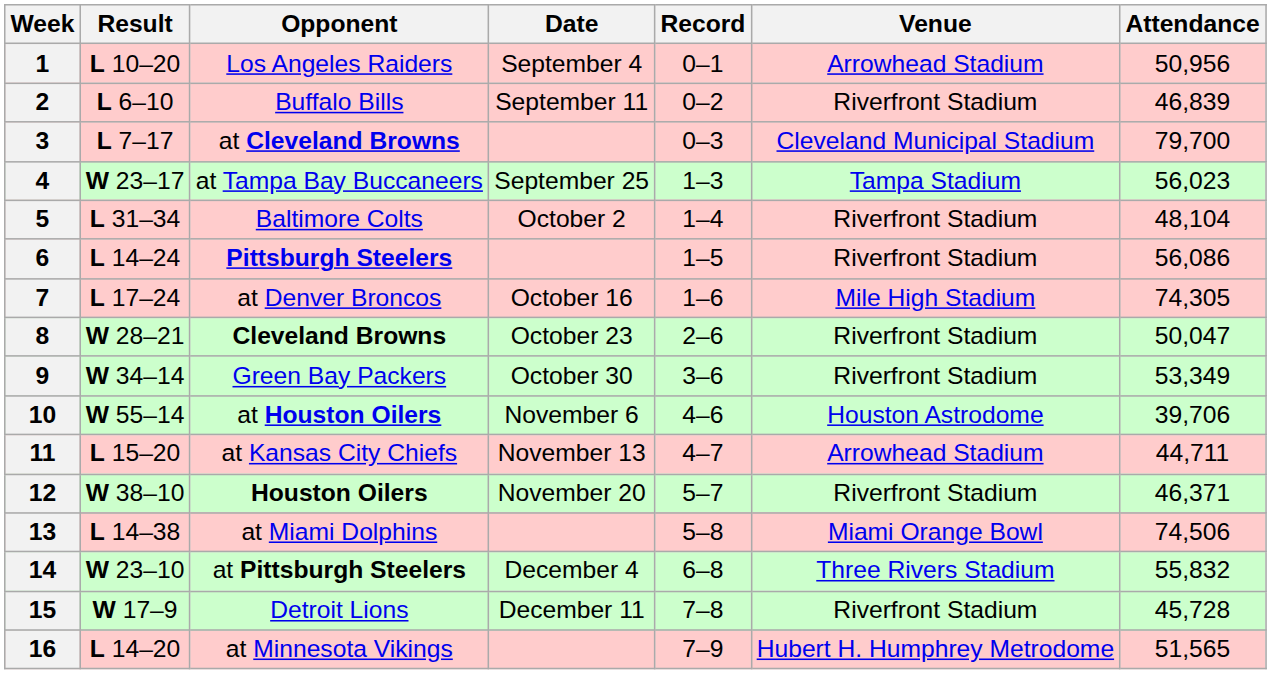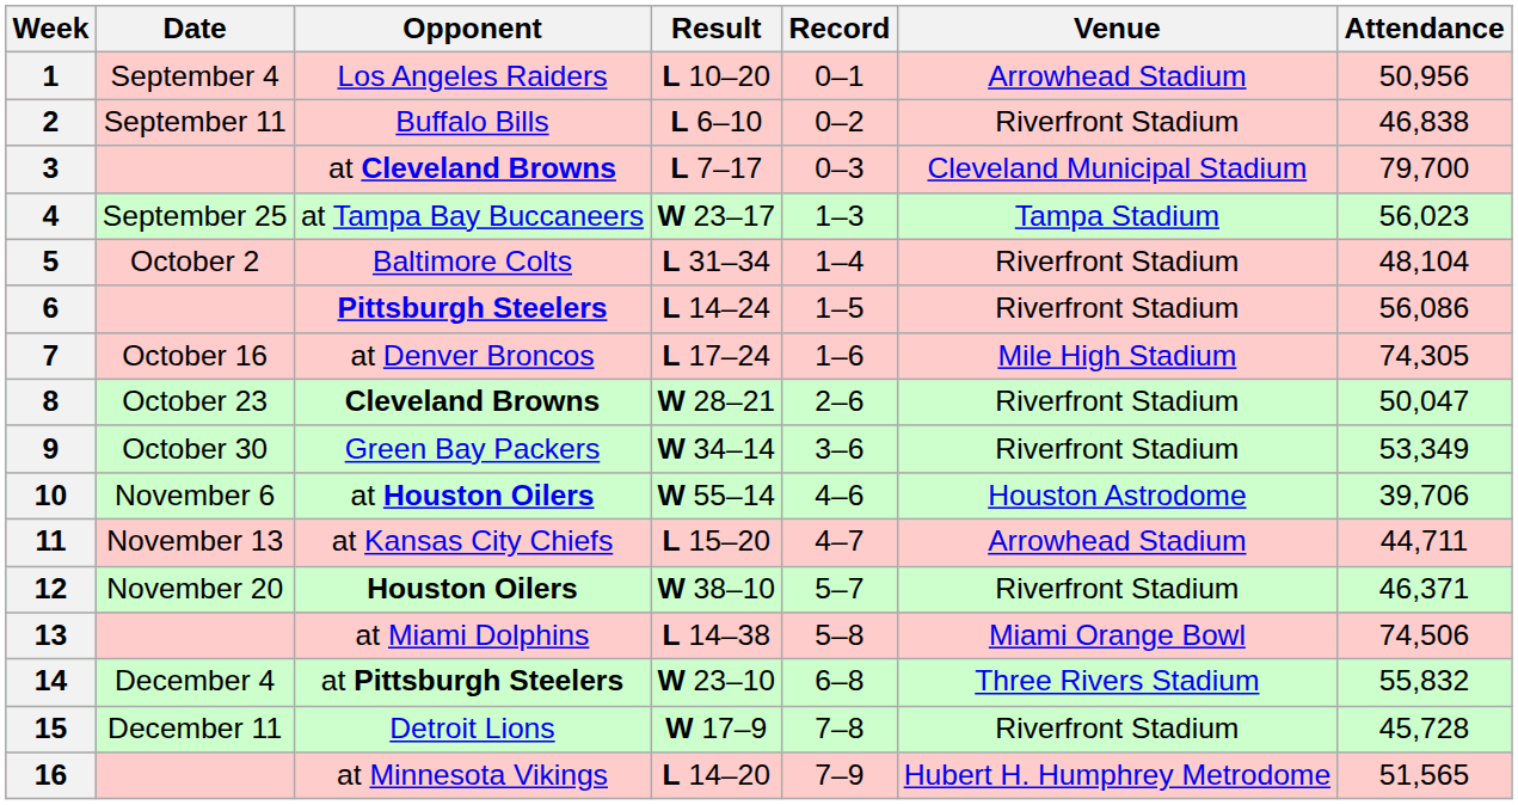 <table class="wikitable" style="text-align:center">
 <tr>
 <th>Week</th>
+<th>Date</th>
+<th>Opponent</th>
 <th>Result</th>
-<th>Opponent</th>
-<th>Date</th>
 <th>Record</th>
 <th>Venue</th>
 <th>Attendance</th>
 </tr>
 <tr style="background:#fcc">
 <th>1</th>
+<td>September 4</td>
+<td><a href='#'>Los Angeles Raiders</a></td>
 <td><strong>L</strong> 10–20</td>
-<td><a href='#'>Los Angeles Raiders</a></td>
-<td>September 4</td>
 <td>0–1</td>
 <td><a href='#'>Arrowhead Stadium</a></td>
 <td>50,956</td>
 </tr>
 <tr style="background:#fcc">
 <th>2</th>
+<td>September 11</td>
+<td><a href='#'>Buffalo Bills</a></td>
 <td><strong>L</strong> 6–10</td>
-<td><a href='#'>Buffalo Bills</a></td>
-<td>September 11</td>
 <td>0–2</td>
 <td>Riverfront Stadium</td>
-<td>46,839</td>
+<td>46,838</td>
 </tr>
 <tr style="background:#fcc">
 <th>3</th>
+<td></td>
+<td>at <strong><a href='#'>Cleveland Browns</a></strong></td>
 <td><strong>L</strong> 7–17</td>
-<td>at <strong><a href='#'>Cleveland Browns</a></strong></td>
-<td></td>
 <td>0–3</td>
 <td><a href='#'>Cleveland Municipal Stadium</a></td>
 <td>79,700</td>
 </tr>
 <tr style="background:#cfc">
 <th>4</th>
+<td>September 25</td>
+<td>at <a href='#'>Tampa Bay Buccaneers</a></td>
 <td><strong>W</strong> 23–17</td>
-<td>at <a href='#'>Tampa Bay Buccaneers</a></td>
-<td>September 25</td>
 <td>1–3</td>
 <td><a href='#'>Tampa Stadium</a></td>
 <td>56,023</td>
 </tr>
 <tr style="background:#fcc">
 <th>5</th>
+<td>October 2</td>
+<td><a href='#'>Baltimore Colts</a></td>
 <td><strong>L</strong> 31–34</td>
-<td><a href='#'>Baltimore Colts</a></td>
-<td>October 2</td>
 <td>1–4</td>
 <td>Riverfront Stadium</td>
 <td>48,104</td>
 </tr>
 <tr style="background:#fcc">
 <th>6</th>
+<td></td>
+<td><strong><a href='#'>Pittsburgh Steelers</a></strong></td>
 <td><strong>L</strong> 14–24</td>
-<td><strong><a href='#'>Pittsburgh Steelers</a></strong></td>
-<td></td>
 <td>1–5</td>
 <td>Riverfront Stadium</td>
 <td>56,086</td>
 </tr>
 <tr style="background:#fcc">
 <th>7</th>
+<td>October 16</td>
+<td>at <a href='#'>Denver Broncos</a></td>
 <td><strong>L</strong> 17–24</td>
-<td>at <a href='#'>Denver Broncos</a></td>
-<td>October 16</td>
 <td>1–6</td>
 <td><a href='#'>Mile High Stadium</a></td>
 <td>74,305</td>
 </tr>
 <tr style="background:#cfc">
 <th>8</th>
+<td>October 23</td>
+<td><strong>Cleveland Browns</strong></td>
 <td><strong>W</strong> 28–21</td>
-<td><strong>Cleveland Browns</strong></td>
-<td>October 23</td>
 <td>2–6</td>
 <td>Riverfront Stadium</td>
 <td>50,047</td>
 </tr>
 <tr style="background:#cfc">
 <th>9</th>
+<td>October 30</td>
+<td><a href='#'>Green Bay Packers</a></td>
 <td><strong>W</strong> 34–14</td>
-<td><a href='#'>Green Bay Packers</a></td>
-<td>October 30</td>
 <td>3–6</td>
 <td>Riverfront Stadium</td>
 <td>53,349</td>
 </tr>
 <tr style="background:#cfc">
 <th>10</th>
+<td>November 6</td>
+<td>at <strong><a href='#'>Houston Oilers</a></strong></td>
 <td><strong>W</strong> 55–14</td>
-<td>at <strong><a href='#'>Houston Oilers</a></strong></td>
-<td>November 6</td>
 <td>4–6</td>
 <td><a href='#'>Houston Astrodome</a></td>
 <td>39,706</td>
 </tr>
 <tr style="background:#fcc">
 <th>11</th>
+<td>November 13</td>
+<td>at <a href='#'>Kansas City Chiefs</a></td>
 <td><strong>L</strong> 15–20</td>
-<td>at <a href='#'>Kansas City Chiefs</a></td>
-<td>November 13</td>
 <td>4–7</td>
 <td><a href='#'>Arrowhead Stadium</a></td>
 <td>44,711</td>
 </tr>
 <tr style="background:#cfc">
 <th>12</th>
+<td>November 20</td>
+<td><strong>Houston Oilers</strong></td>
 <td><strong>W</strong> 38–10</td>
-<td><strong>Houston Oilers</strong></td>
-<td>November 20</td>
 <td>5–7</td>
 <td>Riverfront Stadium</td>
 <td>46,371</td>
 </tr>
 <tr style="background:#fcc">
 <th>13</th>
+<td></td>
+<td>at <a href='#'>Miami Dolphins</a></td>
 <td><strong>L</strong> 14–38</td>
-<td>at <a href='#'>Miami Dolphins</a></td>
-<td></td>
 <td>5–8</td>
 <td><a href='#'>Miami Orange Bowl</a></td>
 <td>74,506</td>
 </tr>
 <tr style="background:#cfc">
 <th>14</th>
+<td>December 4</td>
+<td>at <strong>Pittsburgh Steelers</strong></td>
 <td><strong>W</strong> 23–10</td>
-<td>at <strong>Pittsburgh Steelers</strong></td>
-<td>December 4</td>
 <td>6–8</td>
 <td><a href='#'>Three Rivers Stadium</a></td>
 <td>55,832</td>
 </tr>
 <tr style="background:#cfc">
 <th>15</th>
+<td>December 11</td>
+<td><a href='#'>Detroit Lions</a></td>
 <td><strong>W</strong> 17–9</td>
-<td><a href='#'>Detroit Lions</a></td>
-<td>December 11</td>
 <td>7–8</td>
 <td>Riverfront Stadium</td>
 <td>45,728</td>
 </tr>
 <tr style="background:#fcc">
 <th>16</th>
+<td></td>
+<td>at <a href='#'>Minnesota Vikings</a></td>
 <td><strong>L</strong> 14–20</td>
-<td>at <a href='#'>Minnesota Vikings</a></td>
-<td></td>
 <td>7–9</td>
 <td><a href='#'>Hubert H. Humphrey Metrodome</a></td>
 <td>51,565</td>
 </tr>
 </table>
